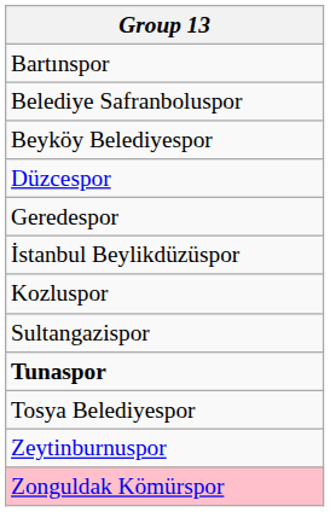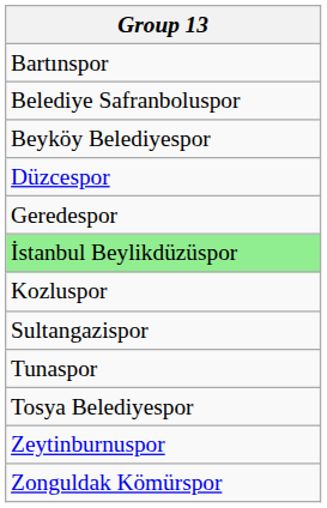 <table class="wikitable collapsible collapsed" style="font-size:95%;">
 <tr>
 <th colspan="1" width="200"><em>Group 13</em></th>
 </tr>
 <tr>
 <td>Bartınspor</td>
 </tr>
 <tr>
 <td>Belediye Safranboluspor</td>
 </tr>
 <tr>
 <td>Beyköy Belediyespor</td>
 </tr>
 <tr>
 <td><a href='#'>Düzcespor</a></td>
 </tr>
 <tr>
 <td>Geredespor</td>
 </tr>
 <tr>
-<td>İstanbul Beylikdüzüspor</td>
+<td style="background: lightgreen;">İstanbul Beylikdüzüspor</td>
 </tr>
 <tr>
 <td>Kozluspor</td>
 </tr>
 <tr>
 <td>Sultangazispor</td>
 </tr>
 <tr>
-<td><strong>Tunaspor</strong></td>
+<td>Tunaspor</td>
 </tr>
 <tr>
 <td>Tosya Belediyespor</td>
 </tr>
 <tr>
 <td><a href='#'>Zeytinburnuspor</a></td>
 </tr>
 <tr>
-<td style="background: pink;"><a href='#'>Zonguldak Kömürspor</a></td>
+<td><a href='#'>Zonguldak Kömürspor</a></td>
 </tr>
 </table>
